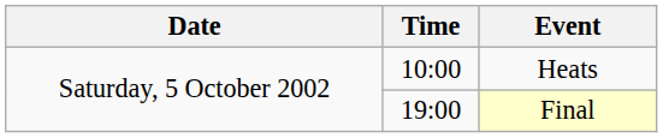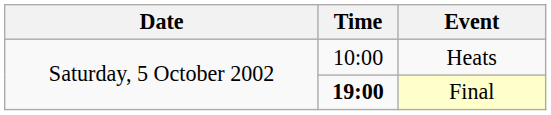 <table class = "wikitable" style="text-align:center;">
 <tr>
 <th width=220>Date</th>
 <th width=50>Time</th>
 <th width=100>Event</th>
 </tr>
 <tr>
 <td rowspan=2>Saturday, 5 October 2002</td>
 <td>10:00</td>
 <td>Heats</td>
 </tr>
 <tr>
-<td>19:00</td>
+<td><strong>19:00</strong></td>
 <td bgcolor=ffffcc>Final</td>
 </tr>
 </table>
